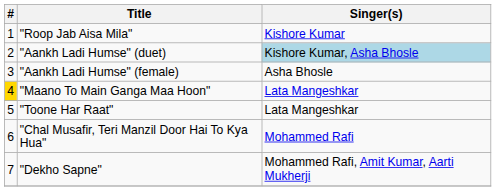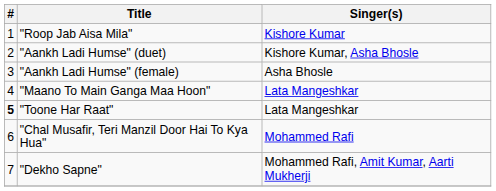 <table class="wikitable" style="font-size:95%;">
 <tr>
 <th>#</th>
 <th>Title</th>
 <th>Singer(s)</th>
 </tr>
 <tr>
 <td>1</td>
 <td>"Roop Jab Aisa Mila"</td>
 <td><a href='#'>Kishore Kumar</a></td>
 </tr>
 <tr>
 <td>2</td>
 <td>"Aankh Ladi Humse" (duet)</td>
-<td style="background: lightblue;">Kishore Kumar, <a href='#'>Asha Bhosle</a></td>
+<td>Kishore Kumar, <a href='#'>Asha Bhosle</a></td>
 </tr>
 <tr>
 <td>3</td>
 <td>"Aankh Ladi Humse" (female)</td>
 <td>Asha Bhosle</td>
 </tr>
 <tr>
-<td style="background: gold;">4</td>
+<td>4</td>
 <td>"Maano To Main Ganga Maa Hoon"</td>
 <td><a href='#'>Lata Mangeshkar</a></td>
 </tr>
 <tr>
-<td>5</td>
+<td><strong>5</strong></td>
 <td>"Toone Har Raat"</td>
 <td>Lata Mangeshkar</td>
 </tr>
 <tr>
 <td>6</td>
 <td>"Chal Musafir, Teri Manzil Door Hai To Kya Hua"</td>
 <td><a href='#'>Mohammed Rafi</a></td>
 </tr>
 <tr>
 <td>7</td>
 <td>"Dekho Sapne"</td>
 <td>Mohammed Rafi, <a href='#'>Amit Kumar</a>, <a href='#'>Aarti Mukherji</a></td>
 </tr>
 <tr>
 </tr>
 </table>
